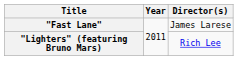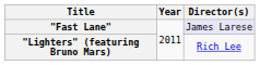 <table class="wikitable plainrowheaders" style="text-align:center;">
 <tr>
 <th scope="col" style="width:16em;">Title</th>
 <th scope="col">Year</th>
 <th scope="col">Director(s)</th>
 </tr>
 <tr>
 <th scope="row">"Fast Lane"</th>
 <td rowspan="2">2011</td>
-<td>James Larese</td>
+<td style="background: lavender;">James Larese</td>
 </tr>
 <tr>
 <th scope="row">"Lighters" <span>(featuring Bruno Mars)</span></th>
 <td><a href='#'>Rich Lee</a></td>
 </tr>
 </table>
